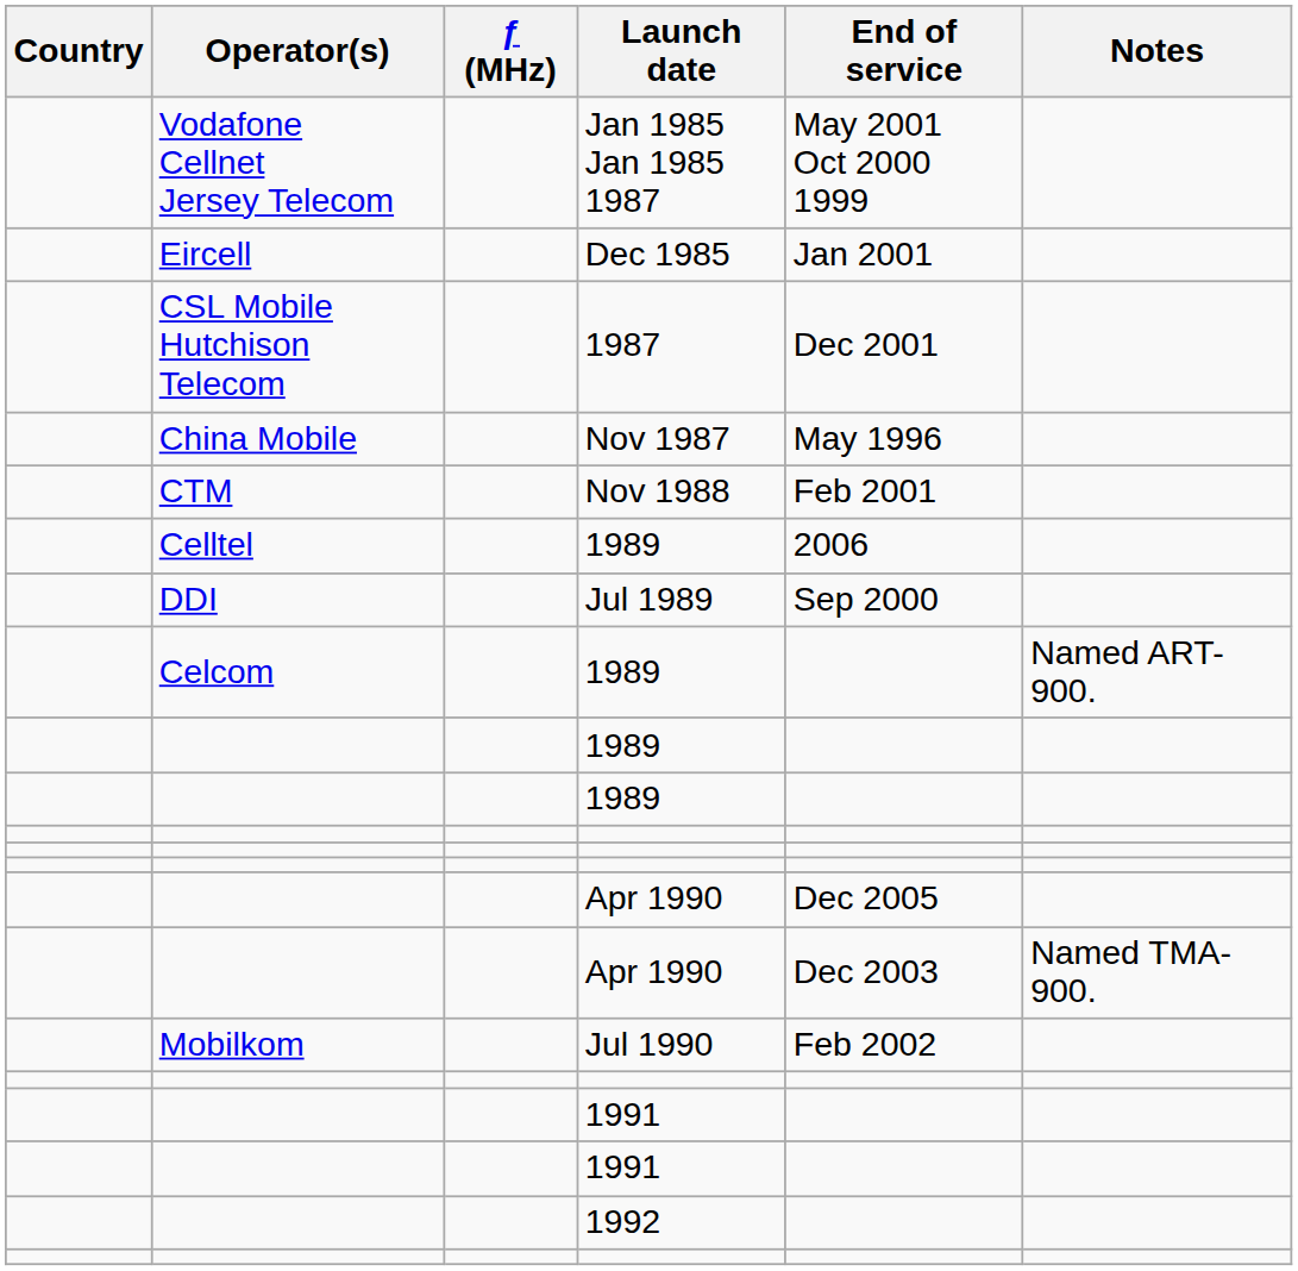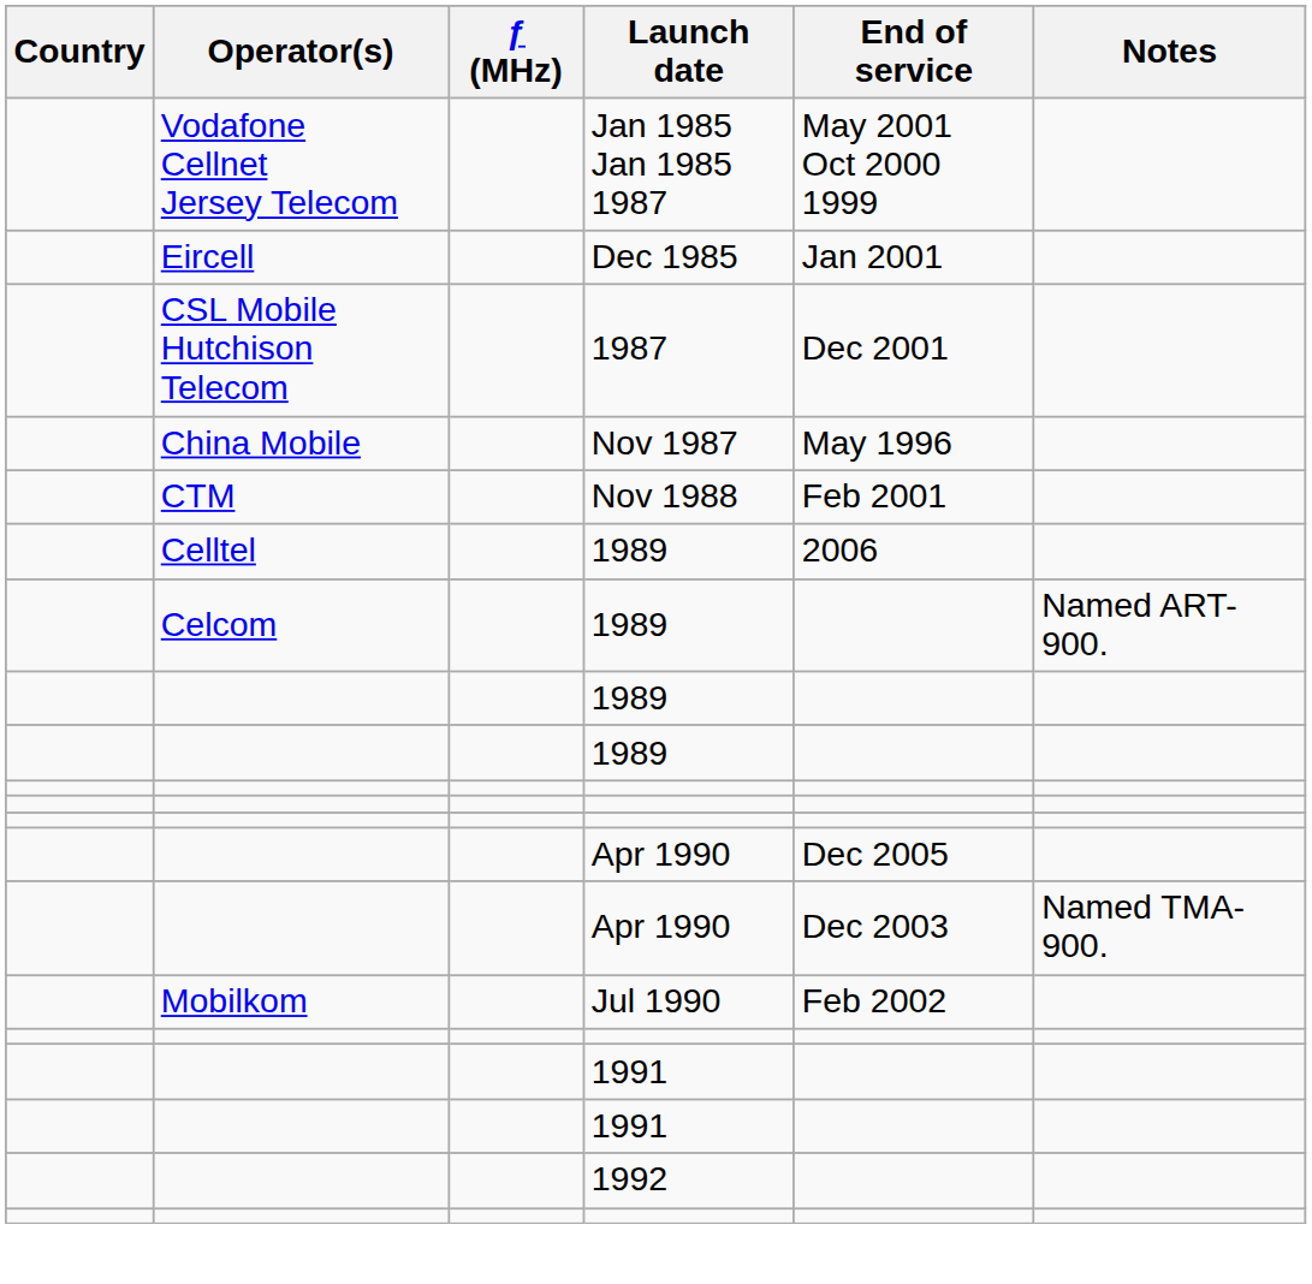 <table class="wikitable">
 <tr>
 <th>Country</th>
 <th>Operator(s)</th>
 <th><a href='#'>ƒ</a> (MHz)</th>
 <th>Launch date</th>
 <th>End of service</th>
 <th>Notes</th>
 </tr>
 <tr>
 <td> <br> <br><br></td>
 <td><a href='#'>Vodafone</a><br><a href='#'>Cellnet</a><br>  <a href='#'>Jersey Telecom</a></td>
 <td></td>
 <td>Jan 1985<br>Jan 1985<br>  1987</td>
 <td>May 2001<br>Oct 2000 <br> 1999</td>
 <td></td>
 </tr>
 <tr>
 <td></td>
 <td><a href='#'>Eircell</a></td>
 <td></td>
 <td>Dec 1985</td>
 <td>Jan 2001</td>
 <td></td>
 </tr>
 <tr>
 <td></td>
 <td><a href='#'>CSL Mobile</a><br><a href='#'>Hutchison Telecom</a></td>
 <td></td>
 <td>1987</td>
 <td>Dec 2001</td>
 <td></td>
 </tr>
 <tr>
 <td></td>
 <td><a href='#'>China Mobile</a></td>
 <td></td>
 <td>Nov 1987</td>
 <td>May 1996</td>
 <td></td>
 </tr>
 <tr>
 <td></td>
 <td><a href='#'>CTM</a></td>
 <td></td>
 <td>Nov 1988</td>
 <td>Feb 2001</td>
 <td></td>
 </tr>
 <tr>
 <td></td>
 <td><a href='#'>Celltel</a></td>
 <td></td>
 <td>1989</td>
 <td>2006</td>
-<td></td>
-</tr>
-<tr>
-<td></td>
-<td><a href='#'>DDI</a></td>
-<td></td>
-<td>Jul 1989</td>
-<td>Sep 2000</td>
 <td></td>
 </tr>
 <tr>
 <td></td>
 <td><a href='#'>Celcom</a></td>
 <td></td>
 <td>1989</td>
 <td></td>
 <td>Named ART-900.</td>
 </tr>
 <tr>
 <td></td>
 <td></td>
 <td></td>
 <td>1989</td>
 <td></td>
 <td></td>
 </tr>
 <tr>
 <td></td>
 <td></td>
 <td></td>
 <td>1989</td>
 <td></td>
 <td></td>
 </tr>
 <tr>
 <td></td>
 <td></td>
 <td></td>
 <td></td>
 <td></td>
 <td></td>
 </tr>
 <tr>
 <td></td>
 <td></td>
 <td></td>
 <td></td>
 <td></td>
 <td></td>
 </tr>
 <tr>
 <td></td>
 <td></td>
 <td></td>
 <td></td>
 <td></td>
 <td></td>
 </tr>
 <tr>
 <td></td>
 <td></td>
 <td></td>
 <td>Apr 1990</td>
 <td>Dec 2005</td>
 <td></td>
 </tr>
 <tr>
 <td></td>
 <td></td>
 <td></td>
 <td>Apr 1990</td>
 <td>Dec 2003</td>
 <td>Named TMA-900.</td>
 </tr>
 <tr>
 <td></td>
 <td><a href='#'>Mobilkom</a></td>
 <td></td>
 <td>Jul 1990</td>
 <td>Feb 2002</td>
 <td></td>
 </tr>
 <tr>
 <td></td>
 <td></td>
 <td></td>
 <td></td>
 <td></td>
 <td></td>
 </tr>
 <tr>
 <td></td>
 <td></td>
 <td></td>
 <td>1991</td>
 <td></td>
 <td></td>
 </tr>
 <tr>
 <td></td>
 <td></td>
 <td></td>
 <td>1991</td>
 <td></td>
 <td></td>
 </tr>
 <tr>
 <td></td>
 <td></td>
 <td></td>
 <td>1992</td>
 <td></td>
 <td></td>
 </tr>
 <tr>
 <td></td>
 <td></td>
 <td></td>
 <td></td>
 <td></td>
 <td></td>
 </tr>
 </table>
